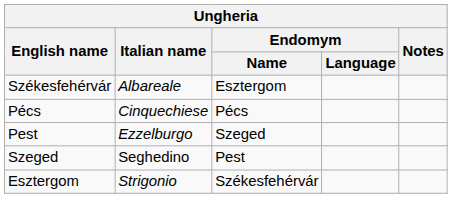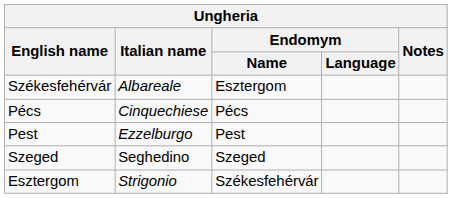 <table class="wikitable sortable">
 <tr>
 <th colspan="5"> Ungheria</th>
 </tr>
 <tr>
 <th rowspan="2">English name</th>
 <th rowspan="2">Italian name</th>
 <th colspan="2">Endomym</th>
 <th rowspan="2">Notes</th>
 </tr>
 <tr>
 <th>Name</th>
 <th>Language</th>
 </tr>
 <tr>
 <td>Székesfehérvár</td>
 <td><em>Albareale</em></td>
 <td>Esztergom</td>
 <td></td>
 <td></td>
 </tr>
 <tr>
 <td>Pécs</td>
 <td><em>Cinquechiese</em></td>
 <td>Pécs</td>
 <td></td>
 <td></td>
 </tr>
 <tr>
 <td>Pest</td>
 <td><em>Ezzelburgo</em></td>
-<td>Szeged</td>
+<td>Pest</td>
 <td></td>
 <td></td>
 </tr>
 <tr>
 <td>Szeged</td>
 <td>Seghedino</td>
-<td>Pest</td>
+<td>Szeged</td>
 <td></td>
 <td></td>
 </tr>
 <tr>
 <td>Esztergom</td>
 <td><em>Strigonio</em></td>
 <td>Székesfehérvár</td>
 <td></td>
 <td></td>
 </tr>
 </table>
